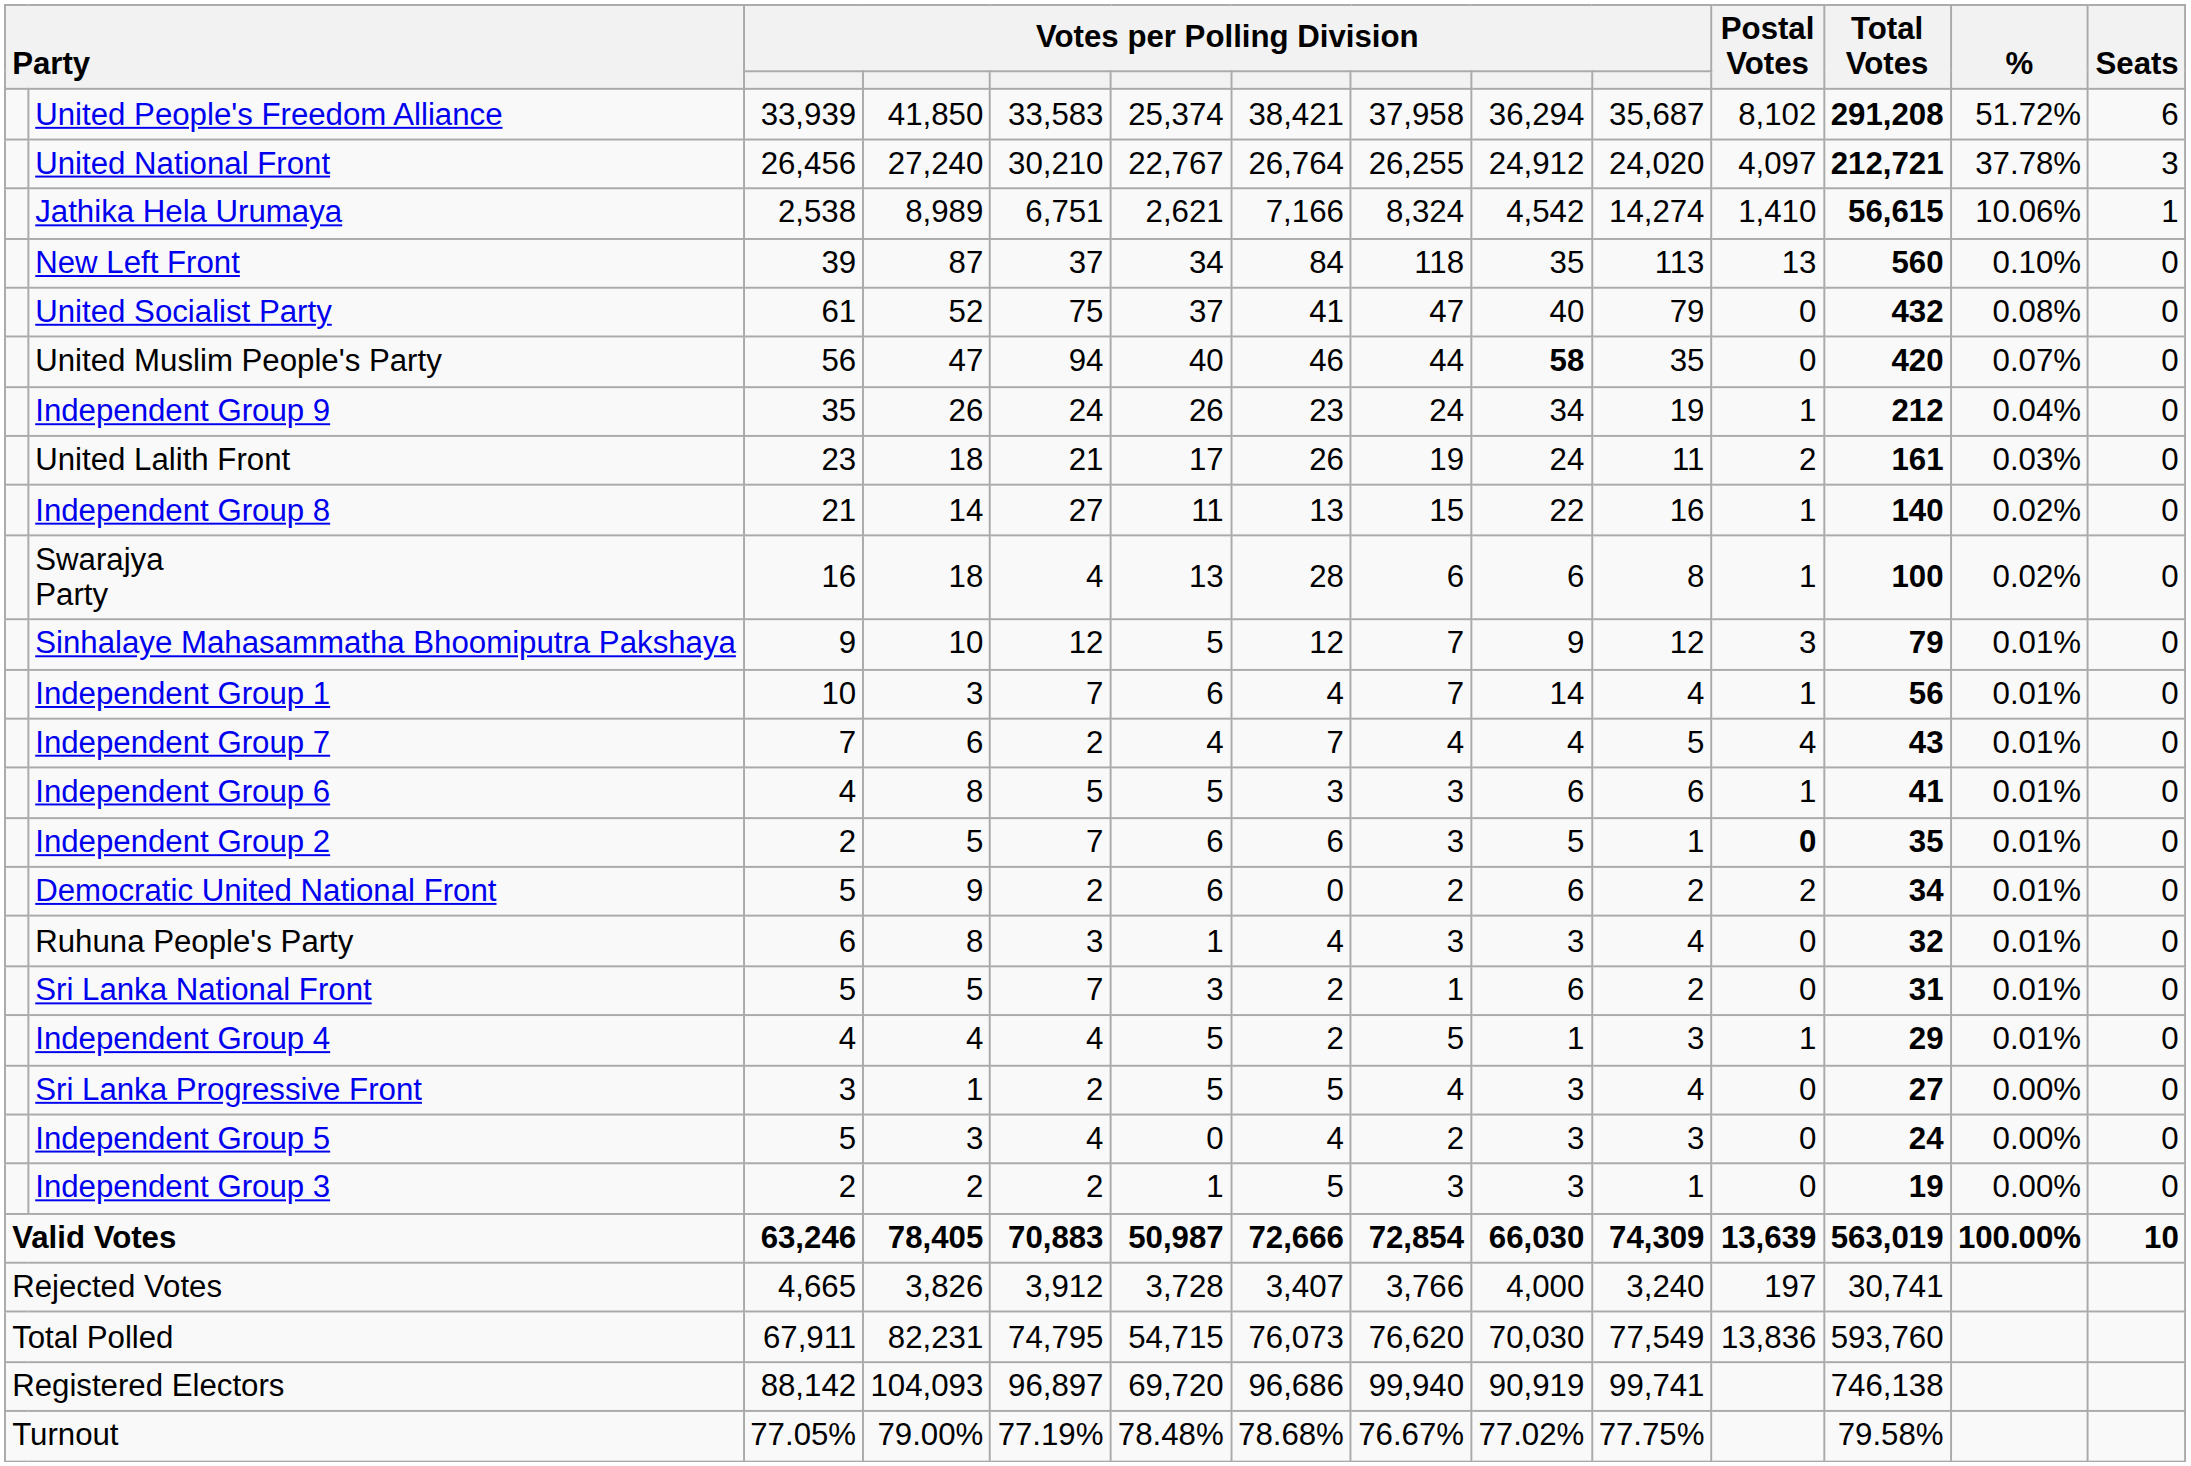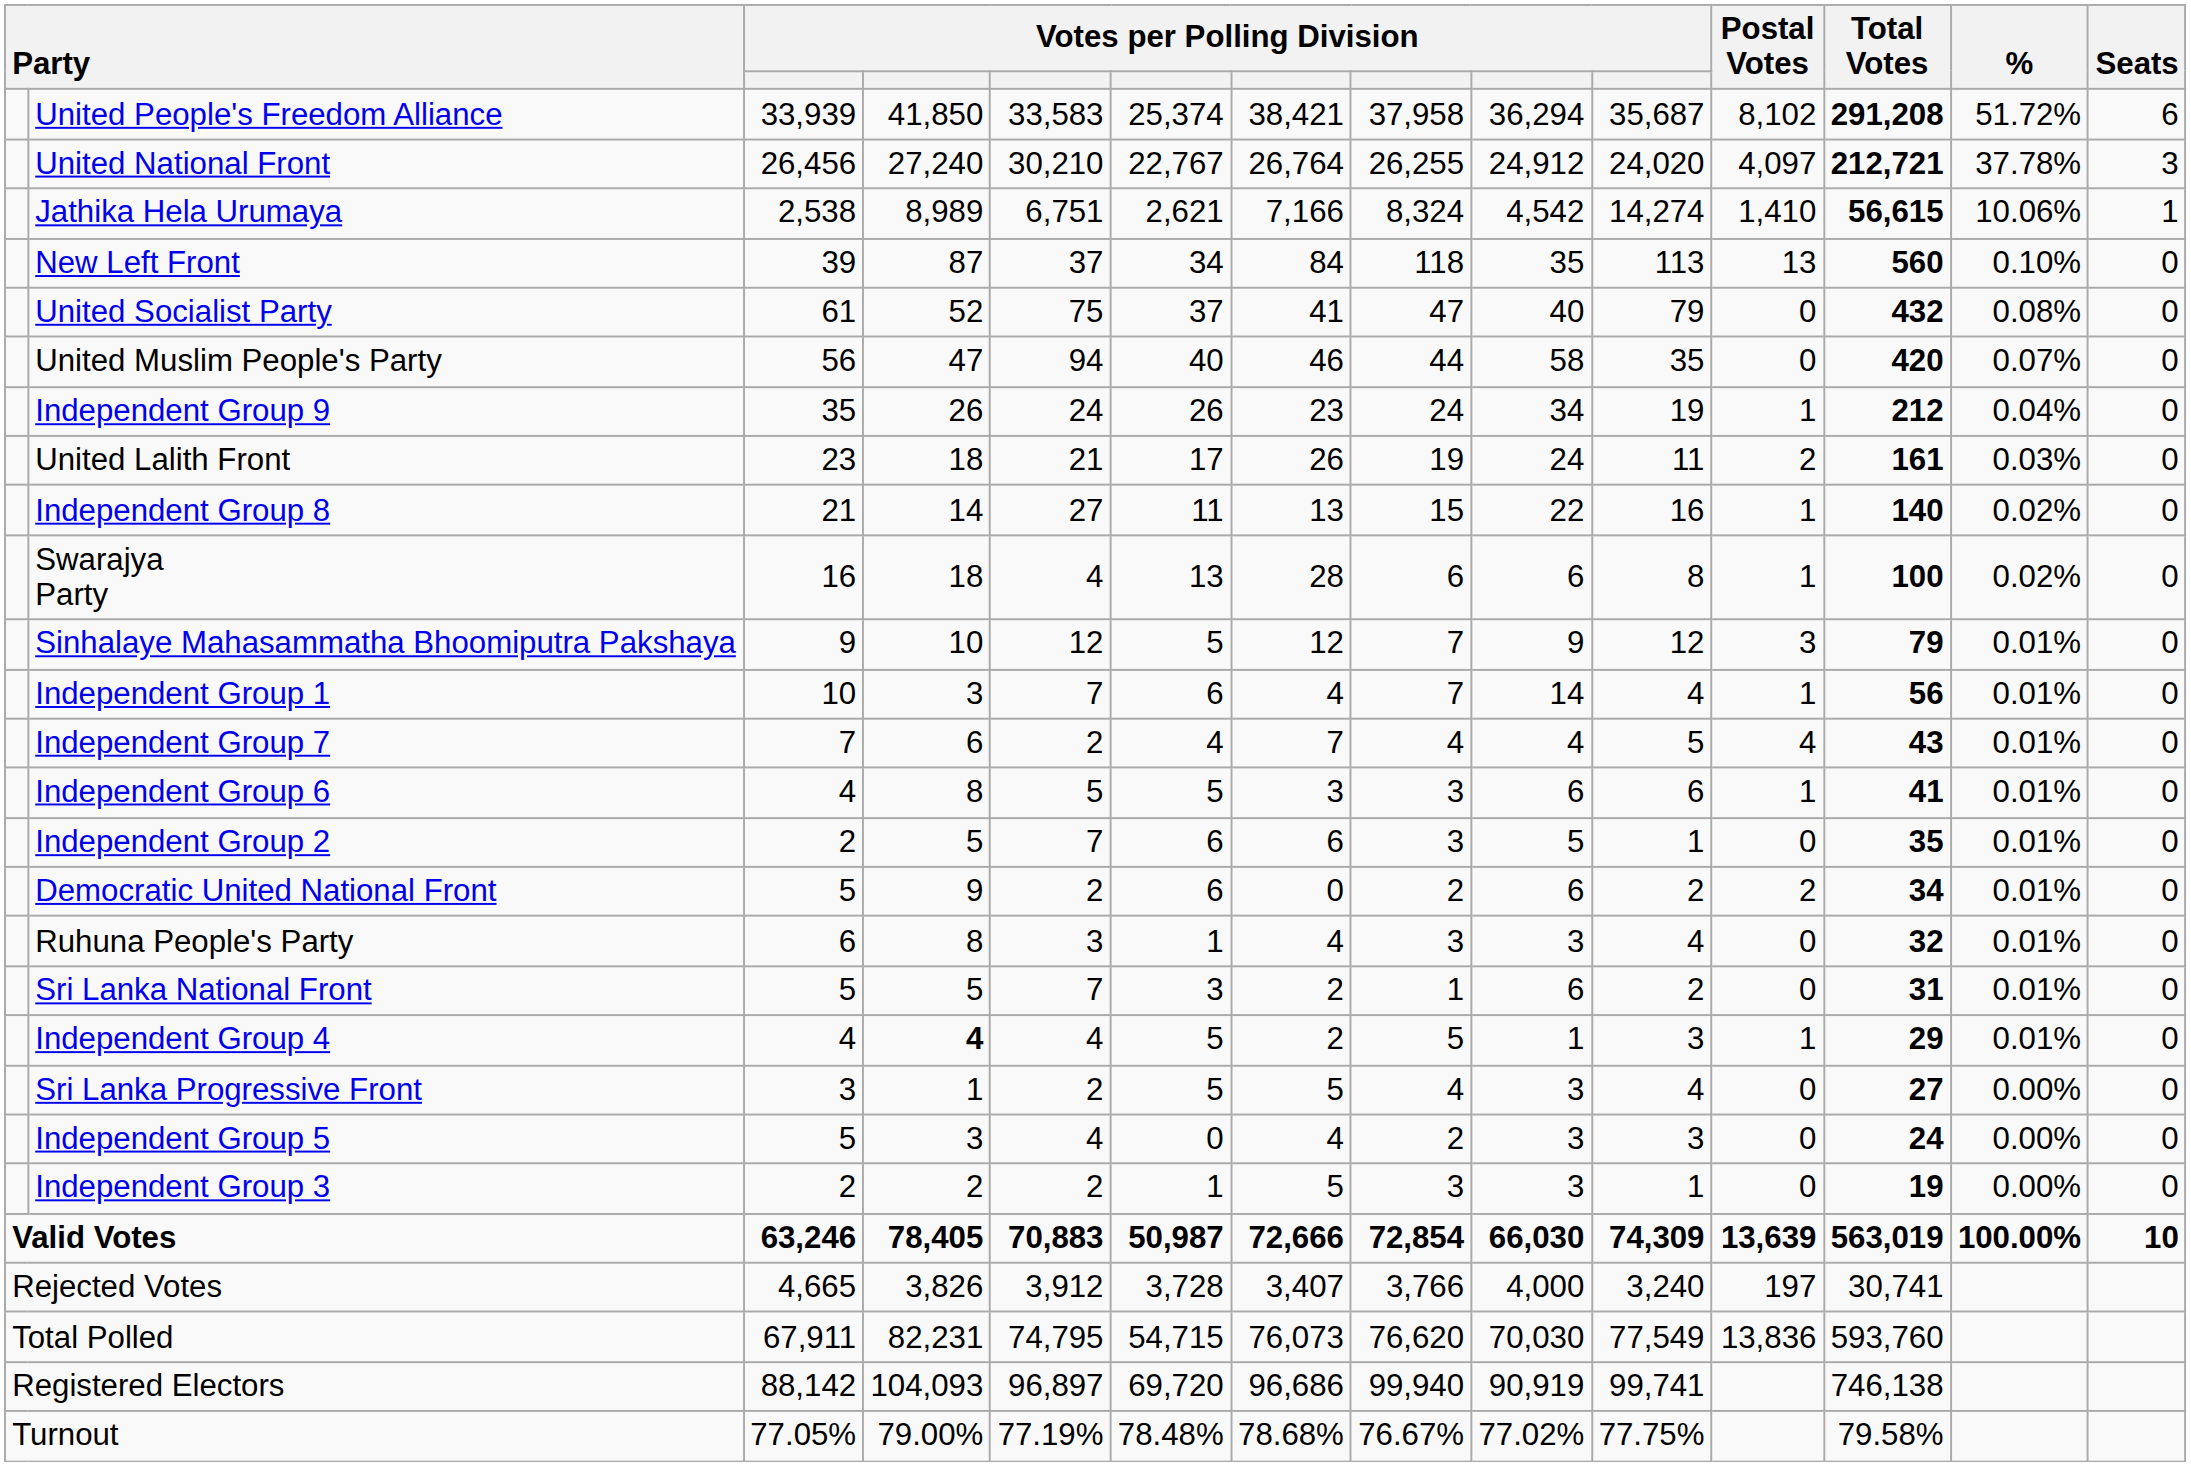 <table class="wikitable" border="1" style="text-align:right;">
 <tr>
 <th style="text-align:left; vertical-align:bottom;" rowspan="2" colspan="2">Party</th>
 <th colspan=8>Votes per Polling Division</th>
 <th rowspan="2" style="vertical-align:bottom; text-align:center; width:50px;">Postal<br>Votes</th>
 <th rowspan="2" style="vertical-align:bottom; text-align:center; width:50px;">Total Votes</th>
 <th rowspan="2" style="vertical-align:bottom; text-align:center; width:50px;">%</th>
 <th rowspan="2" style="vertical-align:bottom; text-align:center; width:40px;">Seats</th>
 </tr>
 <tr>
 <th></th>
 <th></th>
 <th></th>
 <th></th>
 <th></th>
 <th></th>
 <th></th>
 <th></th>
 </tr>
 <tr>
 <td bgcolor=> </td>
 <td align=left><a href='#'>United People's Freedom Alliance</a></td>
 <td>33,939</td>
 <td>41,850</td>
 <td>33,583</td>
 <td>25,374</td>
 <td>38,421</td>
 <td>37,958</td>
 <td>36,294</td>
 <td>35,687</td>
 <td>8,102</td>
 <td><strong>291,208</strong></td>
 <td>51.72%</td>
 <td>6</td>
 </tr>
 <tr>
 <td bgcolor=> </td>
 <td align=left><a href='#'>United National Front</a></td>
 <td>26,456</td>
 <td>27,240</td>
 <td>30,210</td>
 <td>22,767</td>
 <td>26,764</td>
 <td>26,255</td>
 <td>24,912</td>
 <td>24,020</td>
 <td>4,097</td>
 <td><strong>212,721</strong></td>
 <td>37.78%</td>
 <td>3</td>
 </tr>
 <tr>
 <td bgcolor=> </td>
 <td align=left><a href='#'>Jathika Hela Urumaya</a></td>
 <td>2,538</td>
 <td>8,989</td>
 <td>6,751</td>
 <td>2,621</td>
 <td>7,166</td>
 <td>8,324</td>
 <td>4,542</td>
 <td>14,274</td>
 <td>1,410</td>
 <td><strong>56,615</strong></td>
 <td>10.06%</td>
 <td>1</td>
 </tr>
 <tr>
 <td bgcolor=> </td>
 <td align=left><a href='#'>New Left Front</a> </td>
 <td>39</td>
 <td>87</td>
 <td>37</td>
 <td>34</td>
 <td>84</td>
 <td>118</td>
 <td>35</td>
 <td>113</td>
 <td>13</td>
 <td><strong>560</strong></td>
 <td>0.10%</td>
 <td>0</td>
 </tr>
 <tr>
 <td bgcolor=> </td>
 <td align=left><a href='#'>United Socialist Party</a></td>
 <td>61</td>
 <td>52</td>
 <td>75</td>
 <td>37</td>
 <td>41</td>
 <td>47</td>
 <td>40</td>
 <td>79</td>
 <td>0</td>
 <td><strong>432</strong></td>
 <td>0.08%</td>
 <td>0</td>
 </tr>
 <tr>
 <td bgcolor=> </td>
 <td align=left>United Muslim People's Party</td>
 <td>56</td>
 <td>47</td>
 <td>94</td>
 <td>40</td>
 <td>46</td>
 <td>44</td>
-<td><strong>58</strong></td>
+<td>58</td>
 <td>35</td>
 <td>0</td>
 <td><strong>420</strong></td>
 <td>0.07%</td>
 <td>0</td>
 </tr>
 <tr>
 <td bgcolor=> </td>
 <td align=left><a href='#'>Independent Group 9</a></td>
 <td>35</td>
 <td>26</td>
 <td>24</td>
 <td>26</td>
 <td>23</td>
 <td>24</td>
 <td>34</td>
 <td>19</td>
 <td>1</td>
 <td><strong>212</strong></td>
 <td>0.04%</td>
 <td>0</td>
 </tr>
 <tr>
 <td bgcolor=> </td>
 <td align=left>United Lalith Front</td>
 <td>23</td>
 <td>18</td>
 <td>21</td>
 <td>17</td>
 <td>26</td>
 <td>19</td>
 <td>24</td>
 <td>11</td>
 <td>2</td>
 <td><strong>161</strong></td>
 <td>0.03%</td>
 <td>0</td>
 </tr>
 <tr>
 <td bgcolor=> </td>
 <td align=left><a href='#'>Independent Group 8</a></td>
 <td>21</td>
 <td>14</td>
 <td>27</td>
 <td>11</td>
 <td>13</td>
 <td>15</td>
 <td>22</td>
 <td>16</td>
 <td>1</td>
 <td><strong>140</strong></td>
 <td>0.02%</td>
 <td>0</td>
 </tr>
 <tr>
 <td bgcolor=> </td>
 <td align=left>Swarajya<br>Party</td>
 <td>16</td>
 <td>18</td>
 <td>4</td>
 <td>13</td>
 <td>28</td>
 <td>6</td>
 <td>6</td>
 <td>8</td>
 <td>1</td>
 <td><strong>100</strong></td>
 <td>0.02%</td>
 <td>0</td>
 </tr>
 <tr>
 <td bgcolor=> </td>
 <td align=left><a href='#'>Sinhalaye Mahasammatha Bhoomiputra Pakshaya</a></td>
 <td>9</td>
 <td>10</td>
 <td>12</td>
 <td>5</td>
 <td>12</td>
 <td>7</td>
 <td>9</td>
 <td>12</td>
 <td>3</td>
 <td><strong>79</strong></td>
 <td>0.01%</td>
 <td>0</td>
 </tr>
 <tr>
 <td bgcolor=> </td>
 <td align=left><a href='#'>Independent Group 1</a></td>
 <td>10</td>
 <td>3</td>
 <td>7</td>
 <td>6</td>
 <td>4</td>
 <td>7</td>
 <td>14</td>
 <td>4</td>
 <td>1</td>
 <td><strong>56</strong></td>
 <td>0.01%</td>
 <td>0</td>
 </tr>
 <tr>
 <td bgcolor=> </td>
 <td align=left><a href='#'>Independent Group 7</a></td>
 <td>7</td>
 <td>6</td>
 <td>2</td>
 <td>4</td>
 <td>7</td>
 <td>4</td>
 <td>4</td>
 <td>5</td>
 <td>4</td>
 <td><strong>43</strong></td>
 <td>0.01%</td>
 <td>0</td>
 </tr>
 <tr>
 <td bgcolor=> </td>
 <td align=left><a href='#'>Independent Group 6</a></td>
 <td>4</td>
 <td>8</td>
 <td>5</td>
 <td>5</td>
 <td>3</td>
 <td>3</td>
 <td>6</td>
 <td>6</td>
 <td>1</td>
 <td><strong>41</strong></td>
 <td>0.01%</td>
 <td>0</td>
 </tr>
 <tr>
 <td bgcolor=> </td>
 <td align=left><a href='#'>Independent Group 2</a></td>
 <td>2</td>
 <td>5</td>
 <td>7</td>
 <td>6</td>
 <td>6</td>
 <td>3</td>
 <td>5</td>
 <td>1</td>
-<td><strong>0</strong></td>
+<td>0</td>
 <td><strong>35</strong></td>
 <td>0.01%</td>
 <td>0</td>
 </tr>
 <tr>
 <td bgcolor=> </td>
 <td align=left><a href='#'>Democratic United National Front</a></td>
 <td>5</td>
 <td>9</td>
 <td>2</td>
 <td>6</td>
 <td>0</td>
 <td>2</td>
 <td>6</td>
 <td>2</td>
 <td>2</td>
 <td><strong>34</strong></td>
 <td>0.01%</td>
 <td>0</td>
 </tr>
 <tr>
 <td bgcolor=> </td>
 <td align=left>Ruhuna People's Party</td>
 <td>6</td>
 <td>8</td>
 <td>3</td>
 <td>1</td>
 <td>4</td>
 <td>3</td>
 <td>3</td>
 <td>4</td>
 <td>0</td>
 <td><strong>32</strong></td>
 <td>0.01%</td>
 <td>0</td>
 </tr>
 <tr>
 <td bgcolor=> </td>
 <td align=left><a href='#'>Sri Lanka National Front</a></td>
 <td>5</td>
 <td>5</td>
 <td>7</td>
 <td>3</td>
 <td>2</td>
 <td>1</td>
 <td>6</td>
 <td>2</td>
 <td>0</td>
 <td><strong>31</strong></td>
 <td>0.01%</td>
 <td>0</td>
 </tr>
 <tr>
 <td bgcolor=> </td>
 <td align=left><a href='#'>Independent Group 4</a></td>
 <td>4</td>
-<td>4</td>
+<td><strong>4</strong></td>
 <td>4</td>
 <td>5</td>
 <td>2</td>
 <td>5</td>
 <td>1</td>
 <td>3</td>
 <td>1</td>
 <td><strong>29</strong></td>
 <td>0.01%</td>
 <td>0</td>
 </tr>
 <tr>
 <td bgcolor=> </td>
 <td align=left><a href='#'>Sri Lanka Progressive Front</a></td>
 <td>3</td>
 <td>1</td>
 <td>2</td>
 <td>5</td>
 <td>5</td>
 <td>4</td>
 <td>3</td>
 <td>4</td>
 <td>0</td>
 <td><strong>27</strong></td>
 <td>0.00%</td>
 <td>0</td>
 </tr>
 <tr>
 <td bgcolor=> </td>
 <td align=left><a href='#'>Independent Group 5</a></td>
 <td>5</td>
 <td>3</td>
 <td>4</td>
 <td>0</td>
 <td>4</td>
 <td>2</td>
 <td>3</td>
 <td>3</td>
 <td>0</td>
 <td><strong>24</strong></td>
 <td>0.00%</td>
 <td>0</td>
 </tr>
 <tr>
 <td bgcolor=> </td>
 <td align=left><a href='#'>Independent Group 3</a></td>
 <td>2</td>
 <td>2</td>
 <td>2</td>
 <td>1</td>
 <td>5</td>
 <td>3</td>
 <td>3</td>
 <td>1</td>
 <td>0</td>
 <td><strong>19</strong></td>
 <td>0.00%</td>
 <td>0</td>
 </tr>
 <tr>
 <td align=left colspan=2><strong>Valid Votes</strong></td>
 <td><strong>63,246</strong></td>
 <td><strong>78,405</strong></td>
 <td><strong>70,883</strong></td>
 <td><strong>50,987</strong></td>
 <td><strong>72,666</strong></td>
 <td><strong>72,854</strong></td>
 <td><strong>66,030</strong></td>
 <td><strong>74,309</strong></td>
 <td><strong>13,639</strong></td>
 <td><strong>563,019</strong></td>
 <td><strong>100.00%</strong></td>
 <td><strong>10</strong></td>
 </tr>
 <tr>
 <td align=left colspan=2>Rejected Votes</td>
 <td>4,665</td>
 <td>3,826</td>
 <td>3,912</td>
 <td>3,728</td>
 <td>3,407</td>
 <td>3,766</td>
 <td>4,000</td>
 <td>3,240</td>
 <td>197</td>
 <td>30,741</td>
 <td></td>
 <td></td>
 </tr>
 <tr>
 <td align=left colspan=2>Total Polled</td>
 <td>67,911</td>
 <td>82,231</td>
 <td>74,795</td>
 <td>54,715</td>
 <td>76,073</td>
 <td>76,620</td>
 <td>70,030</td>
 <td>77,549</td>
 <td>13,836</td>
 <td>593,760</td>
 <td></td>
 <td></td>
 </tr>
 <tr>
 <td align=left colspan=2>Registered Electors</td>
 <td>88,142</td>
 <td>104,093</td>
 <td>96,897</td>
 <td>69,720</td>
 <td>96,686</td>
 <td>99,940</td>
 <td>90,919</td>
 <td>99,741</td>
 <td></td>
 <td>746,138</td>
 <td></td>
 <td></td>
 </tr>
 <tr>
 <td align=left colspan=2>Turnout</td>
 <td>77.05%</td>
 <td>79.00%</td>
 <td>77.19%</td>
 <td>78.48%</td>
 <td>78.68%</td>
 <td>76.67%</td>
 <td>77.02%</td>
 <td>77.75%</td>
 <td></td>
 <td>79.58%</td>
 <td></td>
 <td></td>
 </tr>
 </table>
